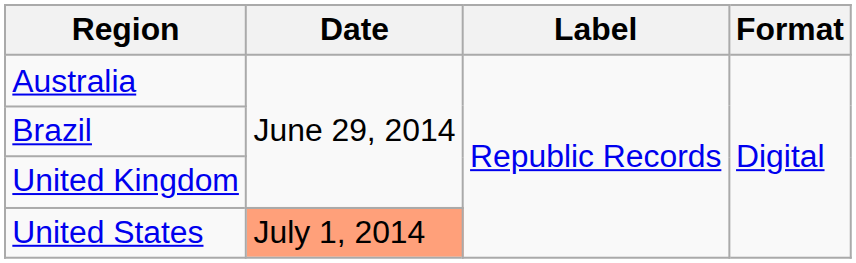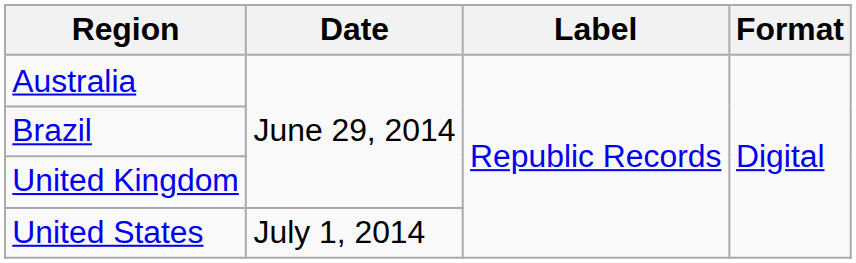 <table class="wikitable">
 <tr>
 <th>Region</th>
 <th>Date</th>
 <th>Label</th>
 <th>Format</th>
 </tr>
 <tr>
 <td><a href='#'>Australia</a></td>
 <td rowspan=3>June 29, 2014</td>
 <td rowspan=4><a href='#'>Republic Records</a></td>
 <td rowspan=4><a href='#'>Digital</a></td>
 </tr>
 <tr>
 <td><a href='#'>Brazil</a></td>
 </tr>
 <tr>
 <td><a href='#'>United Kingdom</a></td>
 </tr>
 <tr>
 <td><a href='#'>United States</a></td>
-<td style="background: lightsalmon;">July 1, 2014</td>
+<td>July 1, 2014</td>
 </tr>
 </table>
